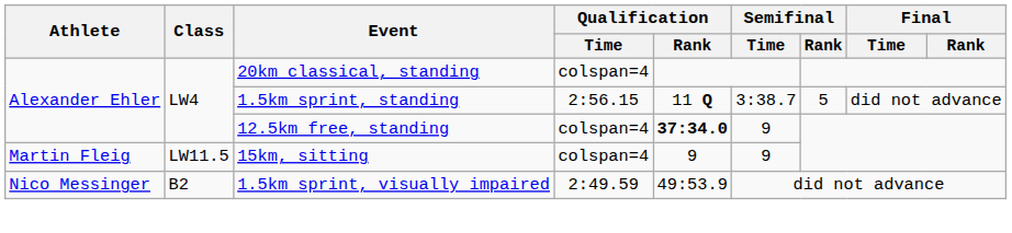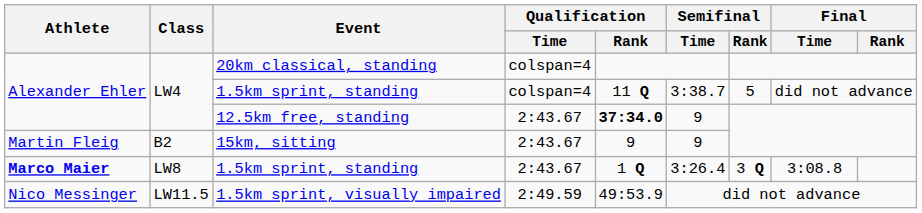 <table class=wikitable style="font-size:90%">
 <tr>
 <th rowspan=2>Athlete</th>
 <th rowspan=2>Class</th>
 <th rowspan=2>Event</th>
 <th colspan=2>Qualification</th>
 <th colspan=2>Semifinal</th>
 <th colspan=2>Final</th>
 </tr>
 <tr style="font-size:95%">
 <th>Time</th>
 <th>Rank</th>
 <th>Time</th>
 <th>Rank</th>
 <th>Time</th>
 <th>Rank</th>
 </tr>
 <tr>
 <td rowspan=3><a href='#'>Alexander Ehler</a></td>
 <td rowspan=3>LW4</td>
 <td><a href='#'>20km classical, standing</a></td>
 <td>colspan=4 </td>
 <td colspan=2 align="center"></td>
 </tr>
 <tr>
 <td><a href='#'>1.5km sprint, standing</a></td>
-<td align="center">2:56.15</td>
+<td>colspan=4 </td>
 <td align="center">11 <strong>Q</strong></td>
 <td align="center">3:38.7</td>
 <td align="center">5</td>
 <td colspan=2 align="center">did not advance</td>
 </tr>
 <tr>
 <td><a href='#'>12.5km free, standing</a></td>
-<td>colspan=4 </td>
+<td align="center">2:43.67</td>
 <td align="center"><strong>37:34.0</strong></td>
 <td align="center">9</td>
 </tr>
 <tr>
 <td><a href='#'>Martin Fleig</a></td>
-<td>LW11.5</td>
+<td>B2</td>
 <td><a href='#'>15km, sitting</a></td>
-<td>colspan=4 </td>
+<td align="center">2:43.67</td>
 <td align="center">9</td>
 <td align="center">9</td>
 </tr>
 <tr>
+<td><strong><a href='#'>Marco Maier</a></strong></td>
+<td>LW8</td>
+<td><a href='#'>1.5km sprint, standing</a></td>
+<td align="center">2:43.67</td>
+<td align="center">1 <strong>Q</strong></td>
+<td align="center">3:26.4</td>
+<td align="center">3 <strong>Q</strong></td>
+<td align="center">3:08.8</td>
+<td align="center"></td>
+</tr>
+<tr>
 <td><a href='#'>Nico Messinger</a><br></td>
-<td>B2</td>
+<td>LW11.5</td>
 <td><a href='#'>1.5km sprint, visually impaired</a></td>
 <td align="center">2:49.59</td>
 <td align="center">49:53.9</td>
 <td colspan=4 align="center">did not advance</td>
 </tr>
 </table>
